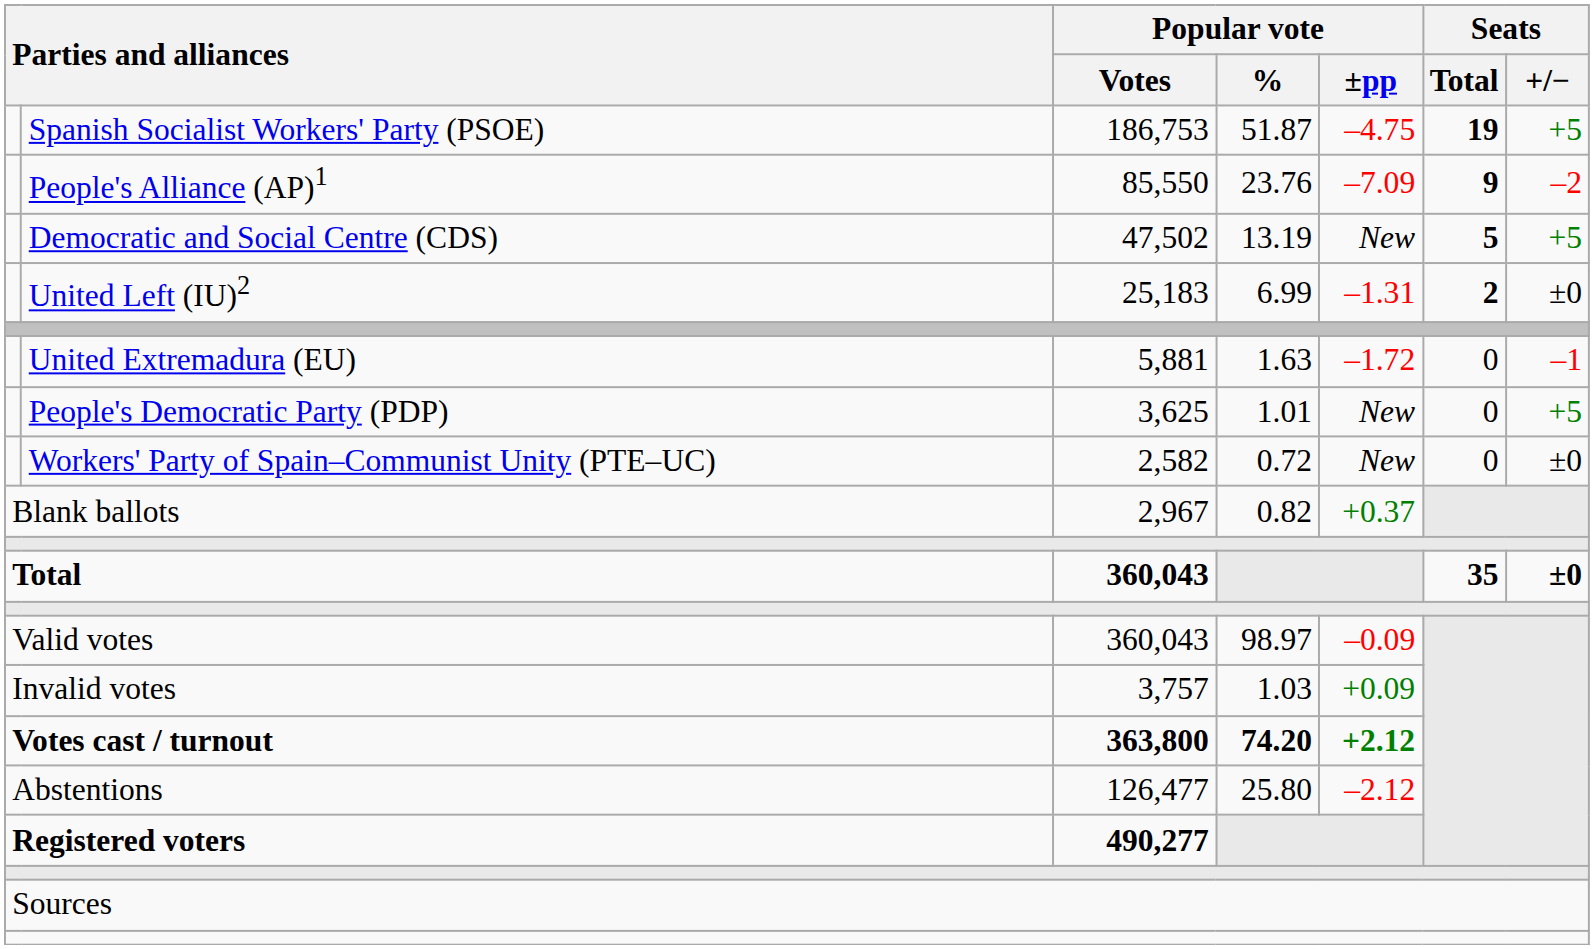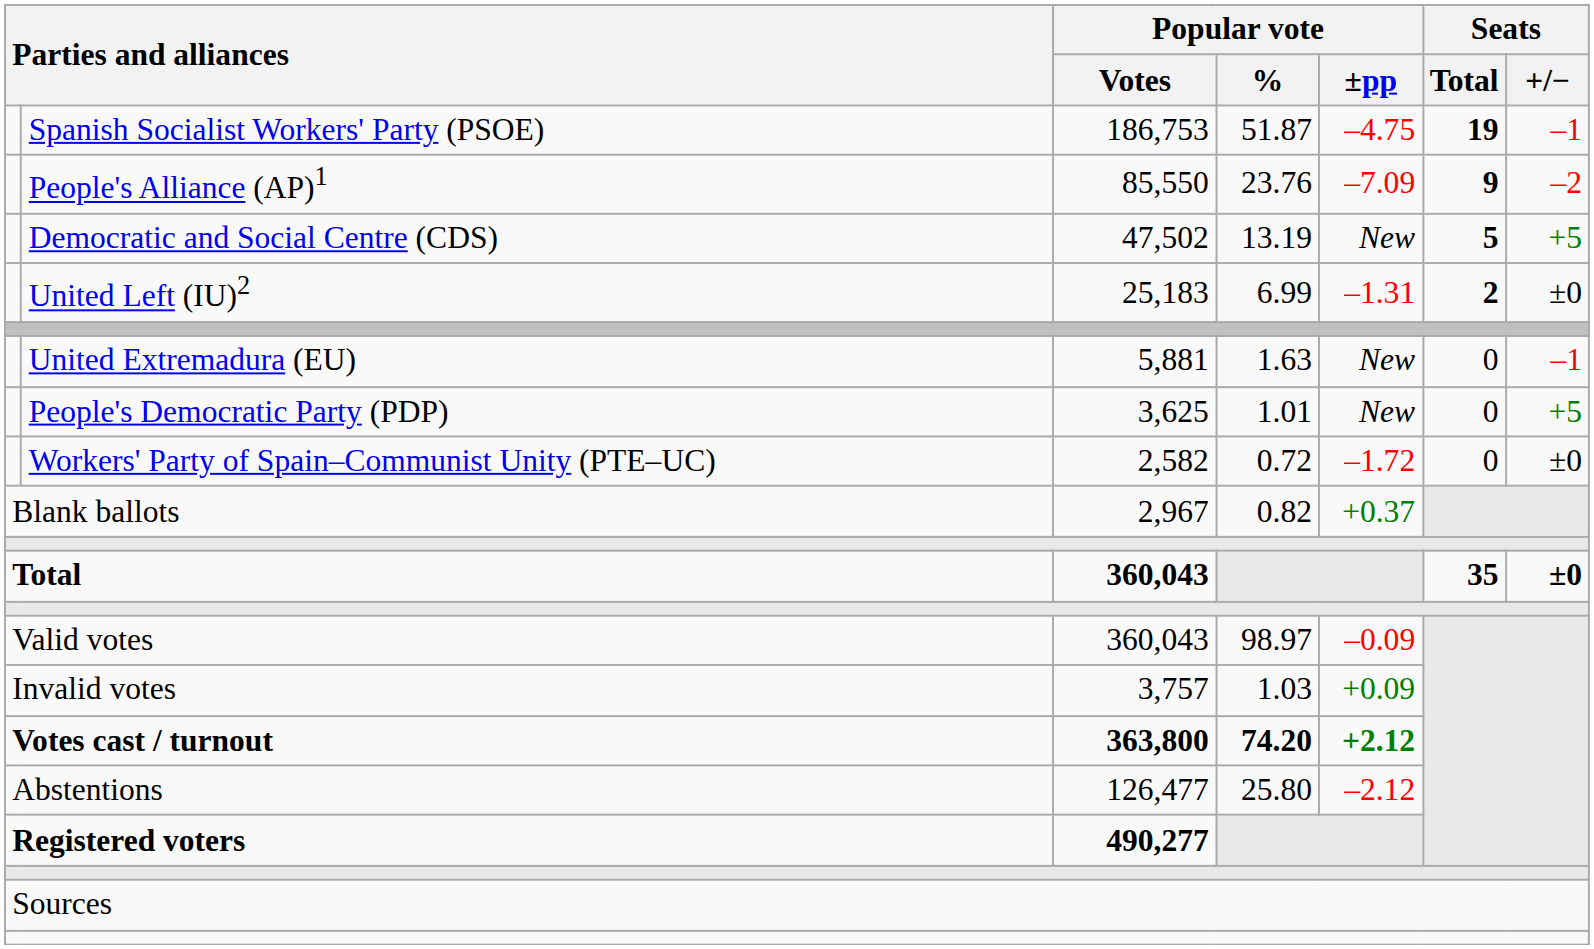 <table class="wikitable" style="text-align:right;">
 <tr>
 <th style="text-align:left;" rowspan="2" colspan="2" width="525">Parties and alliances</th>
 <th colspan="3">Popular vote</th>
 <th colspan="2">Seats</th>
 </tr>
 <tr>
 <th width="75">Votes</th>
 <th width="45">%</th>
 <th width="45">±<a href='#'>pp</a></th>
 <th width="35">Total</th>
 <th width="35">+/−</th>
 </tr>
 <tr>
 <td width="1" style="color:inherit;background:"></td>
 <td align="left"><a href='#'>Spanish Socialist Workers' Party</a> (PSOE)</td>
 <td>186,753</td>
 <td>51.87</td>
 <td style="color:red;">–4.75</td>
 <td><strong>19</strong></td>
-<td style="color:green;">+5</td>
+<td style="color:red;">–1</td>
 </tr>
 <tr>
 <td style="color:inherit;background:"></td>
 <td align="left"><a href='#'>People's Alliance</a> (AP)<sup>1</sup></td>
 <td>85,550</td>
 <td>23.76</td>
 <td style="color:red;">–7.09</td>
 <td><strong>9</strong></td>
 <td style="color:red;">–2</td>
 </tr>
 <tr>
 <td style="color:inherit;background:"></td>
 <td align="left"><a href='#'>Democratic and Social Centre</a> (CDS)</td>
 <td>47,502</td>
 <td>13.19</td>
 <td><em>New</em></td>
 <td><strong>5</strong></td>
 <td style="color:green;">+5</td>
 </tr>
 <tr>
 <td style="color:inherit;background:"></td>
 <td align="left"><a href='#'>United Left</a> (IU)<sup>2</sup></td>
 <td>25,183</td>
 <td>6.99</td>
 <td style="color:red;">–1.31</td>
 <td><strong>2</strong></td>
 <td>±0</td>
 </tr>
 <tr>
 <td colspan="7" bgcolor="#C0C0C0"></td>
 </tr>
 <tr>
 <td style="color:inherit;background:"></td>
 <td align="left"><a href='#'>United Extremadura</a> (EU)</td>
 <td>5,881</td>
 <td>1.63</td>
-<td style="color:red;">–1.72</td>
+<td><em>New</em></td>
 <td>0</td>
 <td style="color:red;">–1</td>
 </tr>
 <tr>
 <td style="color:inherit;background:"></td>
 <td align="left"><a href='#'>People's Democratic Party</a> (PDP)</td>
 <td>3,625</td>
 <td>1.01</td>
 <td><em>New</em></td>
 <td>0</td>
 <td style="color:green;">+5</td>
 </tr>
 <tr>
 <td style="color:inherit;background:"></td>
 <td align="left"><a href='#'>Workers' Party of Spain–Communist Unity</a> (PTE–UC)</td>
 <td>2,582</td>
 <td>0.72</td>
-<td><em>New</em></td>
+<td style="color:red;">–1.72</td>
 <td>0</td>
 <td>±0</td>
 </tr>
 <tr>
 <td align="left" colspan="2">Blank ballots</td>
 <td>2,967</td>
 <td>0.82</td>
 <td style="color:green;">+0.37</td>
 <td bgcolor="#E9E9E9" colspan="2"></td>
 </tr>
 <tr>
 <td colspan="7" bgcolor="#E9E9E9"></td>
 </tr>
 <tr style="font-weight:bold;">
 <td align="left" colspan="2">Total</td>
 <td>360,043</td>
 <td bgcolor="#E9E9E9" colspan="2"></td>
 <td>35</td>
 <td>±0</td>
 </tr>
 <tr>
 <td colspan="7" bgcolor="#E9E9E9"></td>
 </tr>
 <tr>
 <td align="left" colspan="2">Valid votes</td>
 <td>360,043</td>
 <td>98.97</td>
 <td style="color:red;">–0.09</td>
 <td bgcolor="#E9E9E9" colspan="2" rowspan="5"></td>
 </tr>
 <tr>
 <td align="left" colspan="2">Invalid votes</td>
 <td>3,757</td>
 <td>1.03</td>
 <td style="color:green;">+0.09</td>
 </tr>
 <tr style="font-weight:bold;">
 <td align="left" colspan="2">Votes cast / turnout</td>
 <td>363,800</td>
 <td>74.20</td>
 <td style="color:green;">+2.12</td>
 </tr>
 <tr>
 <td align="left" colspan="2">Abstentions</td>
 <td>126,477</td>
 <td>25.80</td>
 <td style="color:red;">–2.12</td>
 </tr>
 <tr style="font-weight:bold;">
 <td align="left" colspan="2">Registered voters</td>
 <td>490,277</td>
 <td bgcolor="#E9E9E9" colspan="2"></td>
 </tr>
 <tr>
 <td colspan="7" bgcolor="#E9E9E9"></td>
 </tr>
 <tr>
 <td align="left" colspan="7">Sources</td>
 </tr>
 <tr>
 <td colspan="7" style="text-align:left; max-width:790px;"></td>
 </tr>
 </table>
